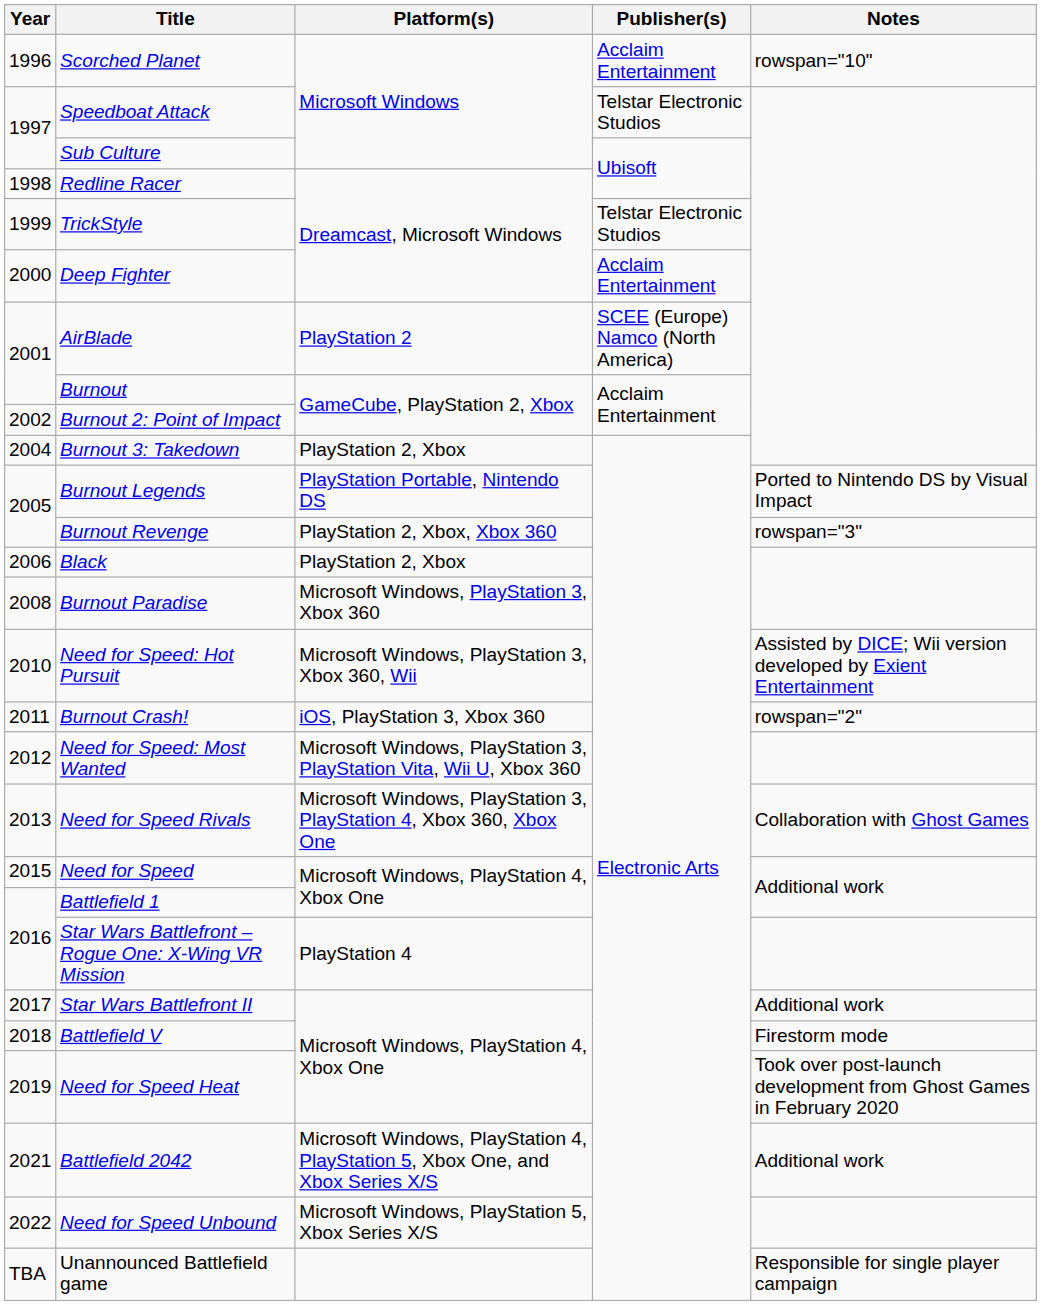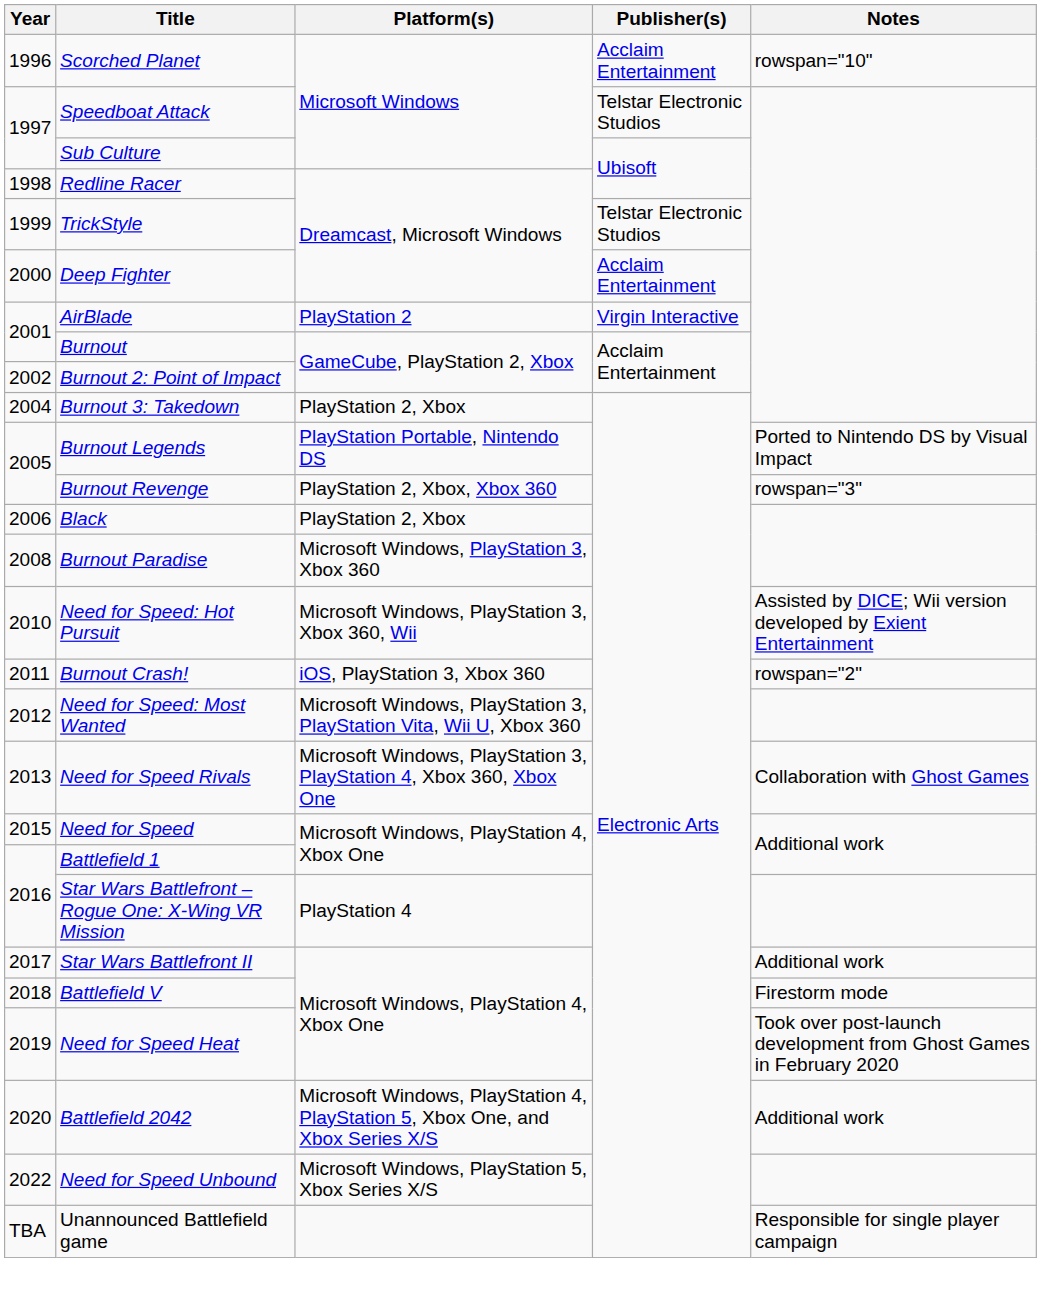 <table class="wikitable sortable">
 <tr>
 <th>Year</th>
 <th>Title</th>
 <th>Platform(s)</th>
 <th>Publisher(s)</th>
 <th>Notes</th>
 </tr>
 <tr>
 <td>1996</td>
 <td><em><a href='#'>Scorched Planet</a></em></td>
 <td rowspan="3"><a href='#'>Microsoft Windows</a></td>
 <td><a href='#'>Acclaim Entertainment</a></td>
 <td>rowspan="10" </td>
 </tr>
 <tr>
 <td rowspan="2">1997</td>
 <td><em><a href='#'>Speedboat Attack</a></em></td>
 <td>Telstar Electronic Studios</td>
 </tr>
 <tr>
 <td><em><a href='#'>Sub Culture</a></em></td>
 <td rowspan="2"><a href='#'>Ubisoft</a></td>
 </tr>
 <tr>
 <td>1998</td>
 <td><em><a href='#'>Redline Racer</a></em></td>
 <td rowspan="3"><a href='#'>Dreamcast</a>, Microsoft Windows</td>
 </tr>
 <tr>
 <td>1999</td>
 <td><em><a href='#'>TrickStyle</a></em></td>
 <td>Telstar Electronic Studios</td>
 </tr>
 <tr>
 <td>2000</td>
 <td><em><a href='#'>Deep Fighter</a></em></td>
 <td><a href='#'>Acclaim Entertainment</a></td>
 </tr>
 <tr>
 <td rowspan="2">2001</td>
 <td><em><a href='#'>AirBlade</a></em></td>
 <td><a href='#'>PlayStation 2</a></td>
-<td><a href='#'>SCEE</a> (Europe)<br><a href='#'>Namco</a> (North America)</td>
+<td><a href='#'>Virgin Interactive</a></td>
 </tr>
 <tr>
 <td><em><a href='#'>Burnout</a></em></td>
 <td rowspan="2"><a href='#'>GameCube</a>, PlayStation 2, <a href='#'>Xbox</a></td>
 <td rowspan="2">Acclaim Entertainment</td>
 </tr>
 <tr>
 <td>2002</td>
 <td><em><a href='#'>Burnout 2: Point of Impact</a></em></td>
 </tr>
 <tr>
 <td>2004</td>
 <td><em><a href='#'>Burnout 3: Takedown</a></em></td>
 <td>PlayStation 2, Xbox</td>
 <td rowspan="18"><a href='#'>Electronic Arts</a></td>
 </tr>
 <tr>
 <td rowspan="2">2005</td>
 <td><em><a href='#'>Burnout Legends</a></em></td>
 <td><a href='#'>PlayStation Portable</a>, <a href='#'>Nintendo DS</a></td>
 <td>Ported to Nintendo DS by Visual Impact</td>
 </tr>
 <tr>
 <td><em><a href='#'>Burnout Revenge</a></em></td>
 <td>PlayStation 2, Xbox, <a href='#'>Xbox 360</a></td>
 <td>rowspan="3" </td>
 </tr>
 <tr>
 <td>2006</td>
 <td><em><a href='#'>Black</a></em></td>
 <td>PlayStation 2, Xbox</td>
 </tr>
 <tr>
 <td>2008</td>
 <td><em><a href='#'>Burnout Paradise</a></em></td>
 <td>Microsoft Windows, <a href='#'>PlayStation 3</a>, Xbox 360</td>
 </tr>
 <tr>
 <td>2010</td>
 <td><em><a href='#'>Need for Speed: Hot Pursuit</a></em></td>
 <td>Microsoft Windows, PlayStation 3, Xbox 360, <a href='#'>Wii</a></td>
 <td>Assisted by <a href='#'>DICE</a>; Wii version developed by <a href='#'>Exient Entertainment</a></td>
 </tr>
 <tr>
 <td>2011</td>
 <td><em><a href='#'>Burnout Crash!</a></em></td>
 <td><a href='#'>iOS</a>, PlayStation 3, Xbox 360</td>
 <td>rowspan="2" </td>
 </tr>
 <tr>
 <td>2012</td>
 <td><em><a href='#'>Need for Speed: Most Wanted</a></em></td>
 <td>Microsoft Windows, PlayStation 3, <a href='#'>PlayStation Vita</a>, <a href='#'>Wii U</a>, Xbox 360</td>
 </tr>
 <tr>
 <td>2013</td>
 <td><em><a href='#'>Need for Speed Rivals</a></em></td>
 <td>Microsoft Windows, PlayStation 3, <a href='#'>PlayStation 4</a>, Xbox 360, <a href='#'>Xbox One</a></td>
 <td>Collaboration with <a href='#'>Ghost Games</a></td>
 </tr>
 <tr>
 <td>2015</td>
 <td><em><a href='#'>Need for Speed</a></em></td>
 <td rowspan="2">Microsoft Windows, PlayStation 4, Xbox One</td>
 <td rowspan="2">Additional work</td>
 </tr>
 <tr>
 <td rowspan="2">2016</td>
 <td><em><a href='#'>Battlefield 1</a></em></td>
 </tr>
 <tr>
 <td><em><a href='#'>Star Wars Battlefront – Rogue One: X-Wing VR Mission</a></em></td>
 <td>PlayStation 4</td>
 <td></td>
 </tr>
 <tr>
 <td>2017</td>
 <td><em><a href='#'>Star Wars Battlefront II</a></em></td>
 <td rowspan="3">Microsoft Windows, PlayStation 4, Xbox One</td>
 <td>Additional work</td>
 </tr>
 <tr>
 <td>2018</td>
 <td><em><a href='#'>Battlefield V</a></em></td>
 <td>Firestorm mode</td>
 </tr>
 <tr>
 <td>2019</td>
 <td><em><a href='#'>Need for Speed Heat</a></em></td>
 <td>Took over post-launch development from Ghost Games in February 2020</td>
 </tr>
 <tr>
-<td>2021</td>
+<td>2020</td>
 <td><em><a href='#'>Battlefield 2042</a></em></td>
 <td>Microsoft Windows, PlayStation 4, <a href='#'>PlayStation 5</a>, Xbox One, and <a href='#'>Xbox Series X/S</a></td>
 <td>Additional work</td>
 </tr>
 <tr>
 <td>2022</td>
 <td><em><a href='#'>Need for Speed Unbound</a></em></td>
 <td>Microsoft Windows, PlayStation 5, Xbox Series X/S</td>
 <td></td>
 </tr>
 <tr>
 <td>TBA</td>
 <td>Unannounced Battlefield game</td>
 <td></td>
 <td>Responsible for single player campaign</td>
 </tr>
 </table>
